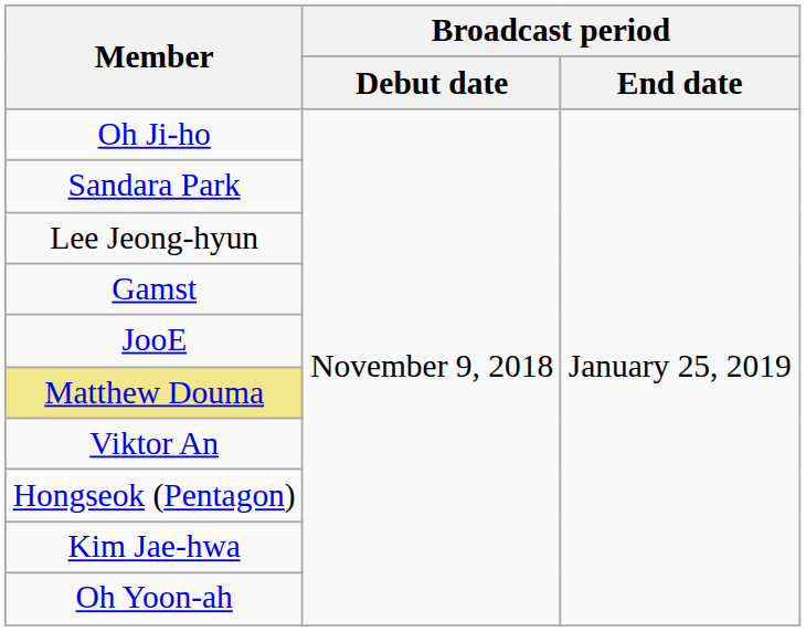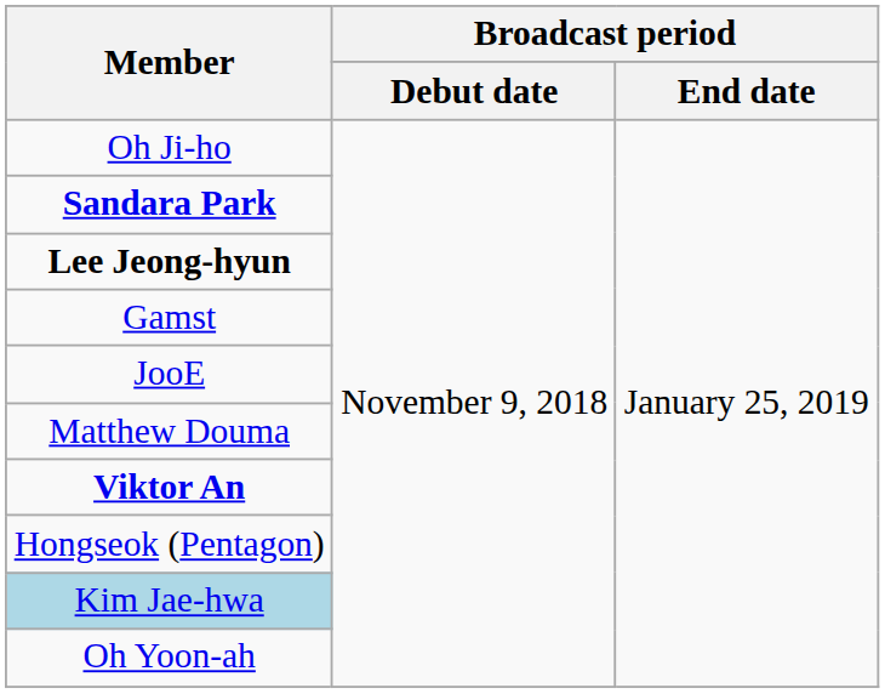 <table class="wikitable" style="text-align:center;">
 <tr>
 <th rowspan=2>Member</th>
 <th colspan=2>Broadcast period</th>
 </tr>
 <tr>
 <th>Debut date</th>
 <th>End date</th>
 </tr>
 <tr>
 <td><a href='#'>Oh Ji-ho</a></td>
 <td rowspan=10>November 9, 2018</td>
 <td rowspan=10>January 25, 2019</td>
 </tr>
 <tr>
-<td><a href='#'>Sandara Park</a></td>
+<td><strong><a href='#'>Sandara Park</a></strong></td>
 </tr>
 <tr>
-<td>Lee Jeong-hyun</td>
+<td><strong>Lee Jeong-hyun</strong></td>
 </tr>
 <tr>
 <td><a href='#'>Gamst</a></td>
 </tr>
 <tr>
 <td><a href='#'>JooE</a></td>
 </tr>
 <tr>
-<td style="background: khaki;"><a href='#'>Matthew Douma</a></td>
+<td><a href='#'>Matthew Douma</a></td>
 </tr>
 <tr>
-<td><a href='#'>Viktor An</a></td>
+<td><strong><a href='#'>Viktor An</a></strong></td>
 </tr>
 <tr>
 <td><a href='#'>Hongseok</a> (<a href='#'>Pentagon</a>)</td>
 </tr>
 <tr>
-<td><a href='#'>Kim Jae-hwa</a></td>
+<td style="background: lightblue;"><a href='#'>Kim Jae-hwa</a></td>
 </tr>
 <tr>
 <td><a href='#'>Oh Yoon-ah</a></td>
 </tr>
 </table>
